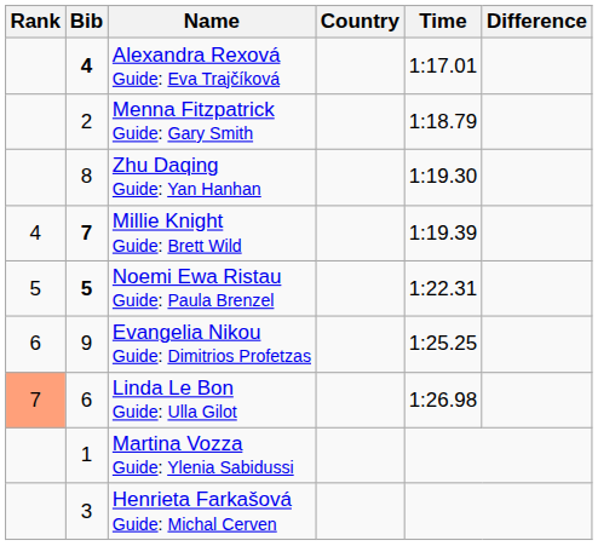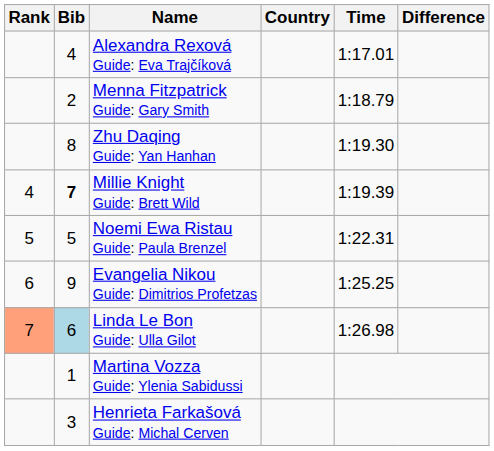 <table class="wikitable sortable" style="text-align:center">
 <tr>
 <th>Rank</th>
 <th>Bib</th>
 <th>Name</th>
 <th>Country</th>
 <th>Time</th>
 <th>Difference</th>
 </tr>
 <tr>
 <td></td>
-<td><strong>4</strong></td>
+<td>4</td>
 <td align="left"><a href='#'>Alexandra Rexová</a><br><small><a href='#'>Guide</a>: <a href='#'>Eva Trajčíková</a> </small></td>
 <td align="left"></td>
 <td>1:17.01</td>
 <td></td>
 </tr>
 <tr>
 <td></td>
 <td>2</td>
 <td align="left"><a href='#'>Menna Fitzpatrick</a><br><small><a href='#'>Guide</a>: <a href='#'>Gary Smith</a> </small></td>
 <td align="left"></td>
 <td>1:18.79</td>
 <td></td>
 </tr>
 <tr>
 <td></td>
 <td>8</td>
 <td align="left"><a href='#'>Zhu Daqing</a><br><small><a href='#'>Guide</a>: <a href='#'>Yan Hanhan</a> </small></td>
 <td align="left"></td>
 <td>1:19.30</td>
 <td></td>
 </tr>
 <tr>
 <td>4</td>
 <td><strong>7</strong></td>
 <td align="left"><a href='#'>Millie Knight</a><br><small><a href='#'>Guide</a>: <a href='#'>Brett Wild</a> </small></td>
 <td align="left"></td>
 <td>1:19.39</td>
 <td></td>
 </tr>
 <tr>
 <td>5</td>
-<td><strong>5</strong></td>
+<td>5</td>
 <td align="left"><a href='#'>Noemi Ewa Ristau</a><br><small><a href='#'>Guide</a>: <a href='#'>Paula Brenzel</a> </small></td>
 <td align="left"></td>
 <td>1:22.31</td>
 <td></td>
 </tr>
 <tr>
 <td>6</td>
 <td>9</td>
 <td align="left"><a href='#'>Evangelia Nikou</a><br><small><a href='#'>Guide</a>: <a href='#'>Dimitrios Profetzas</a> </small></td>
 <td align="left"></td>
 <td>1:25.25</td>
 <td></td>
 </tr>
 <tr>
 <td style="background: lightsalmon;">7</td>
-<td>6</td>
+<td style="background: lightblue;">6</td>
 <td align="left"><a href='#'>Linda Le Bon</a><br><small><a href='#'>Guide</a>: <a href='#'>Ulla Gilot</a> </small></td>
 <td align="left"></td>
 <td>1:26.98</td>
 <td></td>
 </tr>
 <tr>
 <td></td>
 <td>1</td>
 <td align="left"><a href='#'>Martina Vozza</a><br><small><a href='#'>Guide</a>: <a href='#'>Ylenia Sabidussi</a> </small></td>
 <td align="left"></td>
 <td colspan="2"></td>
 </tr>
 <tr>
 <td></td>
 <td>3</td>
 <td align="left"><a href='#'>Henrieta Farkašová</a><br><small><a href='#'>Guide</a>: <a href='#'>Michal Cerven</a> </small></td>
 <td align="left"></td>
 <td colspan="2"></td>
 </tr>
 </table>
